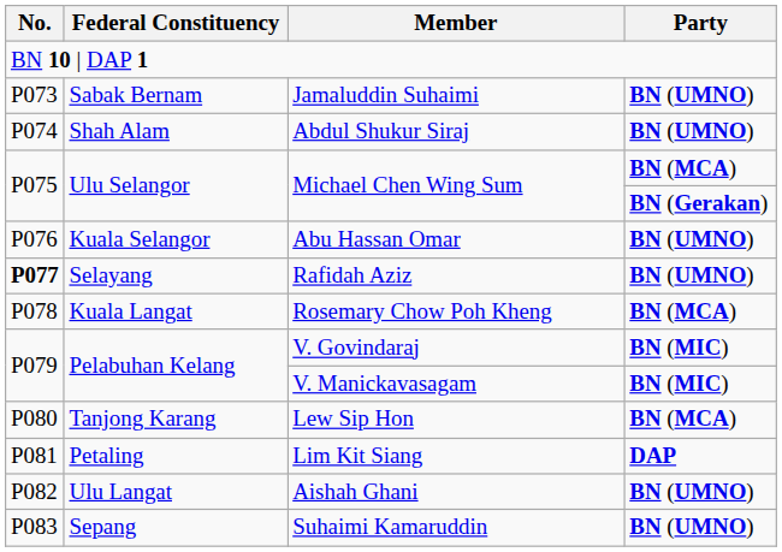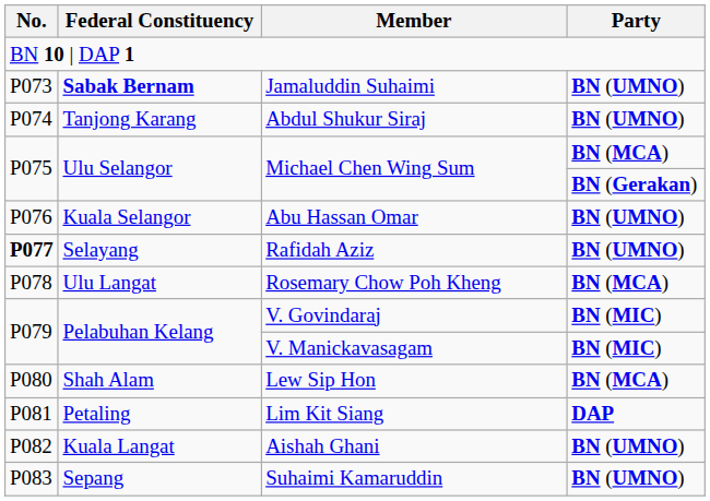 <table class="wikitable sortable">
 <tr>
 <th style="width:30px;">No.</th>
 <th style="width:150px;">Federal Constituency</th>
 <th style="width:230px;">Member</th>
 <th style="width:100px;">Party</th>
 </tr>
 <tr>
 <td colspan="4"><a href='#'>BN</a> <strong>10</strong> | <a href='#'>DAP</a> <strong>1</strong></td>
 </tr>
 <tr>
 <td>P073</td>
-<td><a href='#'>Sabak Bernam</a></td>
+<td><strong><a href='#'>Sabak Bernam</a></strong></td>
 <td><a href='#'>Jamaluddin Suhaimi</a></td>
 <td><strong><a href='#'>BN</a></strong> (<strong><a href='#'>UMNO</a></strong>)</td>
 </tr>
 <tr>
 <td>P074</td>
-<td><a href='#'>Shah Alam</a></td>
+<td><a href='#'>Tanjong Karang</a></td>
 <td><a href='#'>Abdul Shukur Siraj</a></td>
 <td><strong><a href='#'>BN</a></strong> (<strong><a href='#'>UMNO</a></strong>)</td>
 </tr>
 <tr>
 <td rowspan=2>P075</td>
 <td rowspan=2><a href='#'>Ulu Selangor</a></td>
 <td rowspan=2><a href='#'>Michael Chen Wing Sum</a></td>
 <td><strong><a href='#'>BN</a></strong> (<strong><a href='#'>MCA</a></strong>)</td>
 </tr>
 <tr>
 <td><strong><a href='#'>BN</a></strong> (<strong><a href='#'>Gerakan</a></strong>)</td>
 </tr>
 <tr>
 <td>P076</td>
 <td><a href='#'>Kuala Selangor</a></td>
 <td><a href='#'>Abu Hassan Omar</a></td>
 <td><strong><a href='#'>BN</a></strong> (<strong><a href='#'>UMNO</a></strong>)</td>
 </tr>
 <tr>
 <td><strong>P077</strong></td>
 <td><a href='#'>Selayang</a></td>
 <td><a href='#'>Rafidah Aziz</a></td>
 <td><strong><a href='#'>BN</a></strong> (<strong><a href='#'>UMNO</a></strong>)</td>
 </tr>
 <tr>
 <td>P078</td>
-<td><a href='#'>Kuala Langat</a></td>
+<td><a href='#'>Ulu Langat</a></td>
 <td><a href='#'>Rosemary Chow Poh Kheng</a></td>
 <td><strong><a href='#'>BN</a></strong> (<strong><a href='#'>MCA</a></strong>)</td>
 </tr>
 <tr>
 <td rowspan=2>P079</td>
 <td rowspan=2><a href='#'>Pelabuhan Kelang</a></td>
 <td><a href='#'>V. Govindaraj</a> </td>
 <td><strong><a href='#'>BN</a></strong> (<strong><a href='#'>MIC</a></strong>)</td>
 </tr>
 <tr>
 <td><a href='#'>V. Manickavasagam</a> </td>
 <td><strong><a href='#'>BN</a></strong> (<strong><a href='#'>MIC</a></strong>)</td>
 </tr>
 <tr>
 <td>P080</td>
-<td><a href='#'>Tanjong Karang</a></td>
+<td><a href='#'>Shah Alam</a></td>
 <td><a href='#'>Lew Sip Hon</a></td>
 <td><strong><a href='#'>BN</a></strong> (<strong><a href='#'>MCA</a></strong>)</td>
 </tr>
 <tr>
 <td>P081</td>
 <td><a href='#'>Petaling</a></td>
 <td><a href='#'>Lim Kit Siang</a></td>
 <td><strong><a href='#'>DAP</a></strong></td>
 </tr>
 <tr>
 <td>P082</td>
-<td><a href='#'>Ulu Langat</a></td>
+<td><a href='#'>Kuala Langat</a></td>
 <td><a href='#'>Aishah Ghani</a></td>
 <td><strong><a href='#'>BN</a></strong> (<strong><a href='#'>UMNO</a></strong>)</td>
 </tr>
 <tr>
 <td>P083</td>
 <td><a href='#'>Sepang</a></td>
 <td><a href='#'>Suhaimi Kamaruddin</a></td>
 <td><strong><a href='#'>BN</a></strong> (<strong><a href='#'>UMNO</a></strong>)</td>
 </tr>
 </table>
